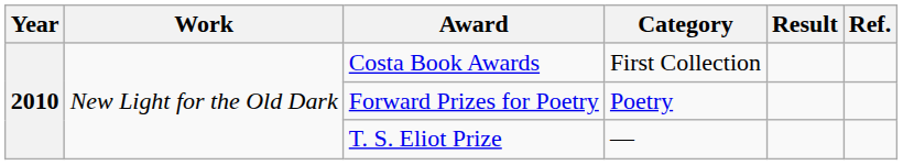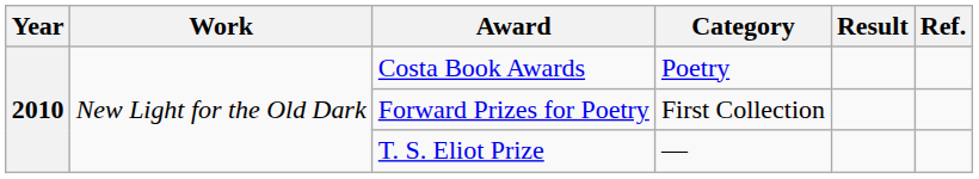 <table class="wikitable sortable">
 <tr>
 <th>Year</th>
 <th>Work</th>
 <th>Award</th>
 <th>Category</th>
 <th>Result</th>
 <th>Ref.</th>
 </tr>
 <tr>
 <th rowspan="3">2010</th>
 <td rowspan="3"><em>New Light for the Old Dark</em></td>
 <td><a href='#'>Costa Book Awards</a></td>
-<td>First Collection</td>
+<td><a href='#'>Poetry</a></td>
 <td></td>
 <td></td>
 </tr>
 <tr>
 <td><a href='#'>Forward Prizes for Poetry</a></td>
-<td><a href='#'>Poetry</a></td>
+<td>First Collection</td>
 <td></td>
 <td></td>
 </tr>
 <tr>
 <td><a href='#'>T. S. Eliot Prize</a></td>
 <td>—</td>
 <td></td>
 <td></td>
 </tr>
 </table>
